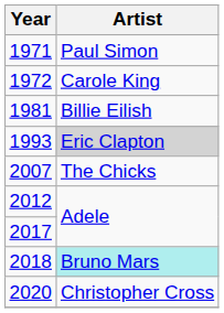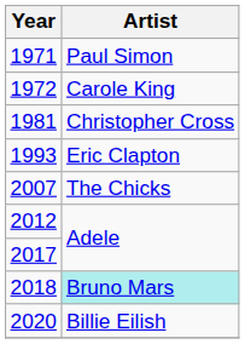 <table class="wikitable" style="text-align: center; cellpadding: 2;">
 <tr>
 <th>Year</th>
 <th>Artist</th>
 </tr>
 <tr>
 <td><a href='#'>1971</a></td>
 <td style="text-align: left;"><a href='#'>Paul Simon</a></td>
 </tr>
 <tr>
 <td><a href='#'>1972</a></td>
 <td style="text-align: left;"><a href='#'>Carole King</a></td>
 </tr>
 <tr>
 <td><a href='#'>1981</a></td>
-<td style="text-align: left;"><a href='#'>Billie Eilish</a></td>
+<td style="text-align: left;"><a href='#'>Christopher Cross</a></td>
 </tr>
 <tr>
 <td><a href='#'>1993</a></td>
-<td style="background: lightgrey; text-align: left;"><a href='#'>Eric Clapton</a></td>
+<td style="text-align: left;"><a href='#'>Eric Clapton</a></td>
 </tr>
 <tr>
 <td><a href='#'>2007</a></td>
 <td style="text-align: left;"><a href='#'>The Chicks</a></td>
 </tr>
 <tr>
 <td><a href='#'>2012</a></td>
 <td style="text-align: left;" rowspan="2"><a href='#'>Adele</a></td>
 </tr>
 <tr>
 <td><a href='#'>2017</a></td>
 </tr>
 <tr>
 <td><a href='#'>2018</a></td>
 <td style="background: paleturquoise; text-align: left;"><a href='#'>Bruno Mars</a></td>
 </tr>
 <tr>
 <td><a href='#'>2020</a></td>
-<td style="text-align: left;"><a href='#'>Christopher Cross</a></td>
+<td style="text-align: left;"><a href='#'>Billie Eilish</a></td>
 </tr>
 <tr>
 </tr>
 </table>
